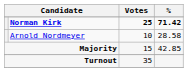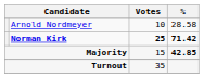 <table class="wikitable" style="font-size: 95%;">
 <tr style="background-color:#E9E9E9">
 <th colspan="2" style="width: 170px">Candidate</th>
 <th style="width: 50px">Votes</th>
 <th style="width: 40px">%</th>
 </tr>
 <tr>
 </tr>
 <tr>
 <th style="background-color: "></th>
+<td style="width: 170px"><a href='#'>Arnold Nordmeyer</a></td>
+<td align="right">10</td>
+<td align="right">28.58</td>
+</tr>
+<tr>
+<th style="background-color: "></th>
 <td style="width: 170px"><strong><a href='#'>Norman Kirk</a></strong></td>
 <td align="right"><strong>25</strong></td>
 <td align="right"><strong>71.42</strong></td>
 </tr>
-<tr>
-<th style="background-color: "></th>
-<td style="width: 170px"><a href='#'>Arnold Nordmeyer</a></td>
-<td align="right">10</td>
-<td align="right">28.58</td>
-</tr>
 <tr style="background-color:#F6F6F6">
 <td colspan="2" align="right"><strong>Majority</strong></td>
 <td align="right">15</td>
-<td align="right">42.85</td>
+<td align="right"><strong>42.85</strong></td>
 </tr>
 <tr>
 </tr>
 <tr style="background-color:#F6F6F6">
 <td colspan="2" align="right"><strong>Turnout</strong></td>
 <td align="right">35</td>
 <td></td>
 </tr>
 <tr>
 </tr>
 <tr style="background-color:#F6F6F6">
 </tr>
 </table>
